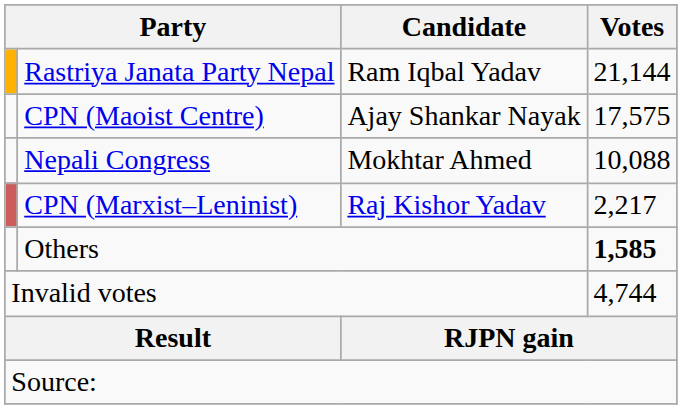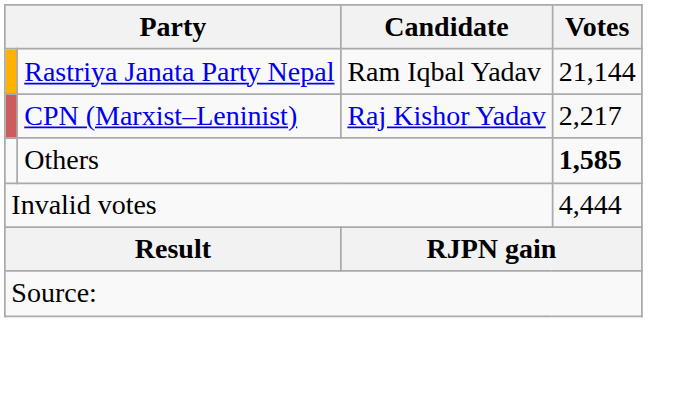 <table class="wikitable">
 <tr>
 <th colspan="2">Party</th>
 <th>Candidate</th>
 <th>Votes</th>
 </tr>
 <tr>
 <td style="background-color:#ffb300"></td>
 <td><a href='#'>Rastriya Janata Party Nepal</a></td>
 <td>Ram Iqbal Yadav</td>
 <td>21,144</td>
-</tr>
-<tr>
-<td style="background-color:"></td>
-<td><a href='#'>CPN (Maoist Centre)</a></td>
-<td>Ajay Shankar Nayak</td>
-<td>17,575</td>
-</tr>
-<tr>
-<td style="background-color:"></td>
-<td><a href='#'>Nepali Congress</a></td>
-<td>Mokhtar Ahmed</td>
-<td>10,088</td>
 </tr>
 <tr>
 <td style="background-color:indianred"></td>
 <td><a href='#'>CPN (Marxist–Leninist)</a></td>
 <td><a href='#'>Raj Kishor Yadav</a></td>
 <td>2,217</td>
 </tr>
 <tr>
 <td></td>
 <td colspan="2">Others</td>
 <td><strong>1,585</strong></td>
 </tr>
 <tr>
 <td colspan="3">Invalid votes</td>
-<td>4,744</td>
+<td>4,444</td>
 </tr>
 <tr>
 <th colspan="2">Result</th>
 <th colspan="2">RJPN gain</th>
 </tr>
 <tr>
 <td colspan="4">Source: </td>
 </tr>
 </table>
